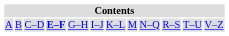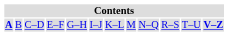 <table>
 <tr>
 <th style="background:#ddd; text-align:center;" colspan="12">Contents</th>
 </tr>
 <tr style="background:#ddd;">
-<td><a href='#'>A</a></td>
+<td><strong><a href='#'>A</a></strong></td>
 <td><a href='#'>B</a></td>
 <td><a href='#'>C–D</a></td>
-<td><strong><a href='#'>E–F</a></strong></td>
+<td><a href='#'>E–F</a></td>
 <td><a href='#'>G–H</a></td>
 <td><a href='#'>I–J</a></td>
 <td><a href='#'>K–L</a></td>
 <td><a href='#'>M</a></td>
 <td><a href='#'>N–Q</a></td>
 <td><a href='#'>R–S</a></td>
 <td><a href='#'>T–U</a></td>
-<td><a href='#'>V–Z</a></td>
+<td><strong><a href='#'>V–Z</a></strong></td>
 </tr>
 <tr>
 </tr>
 </table>
